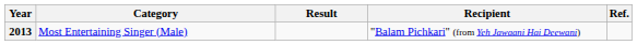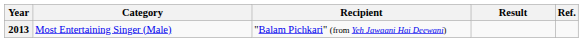 <table class="wikitable plainrowheaders" style="width:100%; textcolor:#000">
 <tr>
 <th scope="col" style="width:5%;"><strong>Year</strong></th>
 <th scope="col" style="width:39%;"><strong>Category</strong></th>
+<th scope="col" style="width:39%;"><strong>Recipient</strong></th>
 <th scope="col" style="width:15%;"><strong>Result</strong></th>
-<th scope="col" style="width:39%;"><strong>Recipient</strong></th>
 <th scope="col" style="width:2%;"><strong>Ref.</strong></th>
 </tr>
 <tr>
 <th scope="row">2013</th>
 <td><a href='#'>Most Entertaining Singer (Male)</a></td>
+<td>"<a href='#'>Balam Pichkari</a>" <small>(from <em><a href='#'>Yeh Jawaani Hai Deewani</a></em>)</small></td>
 <td></td>
-<td>"<a href='#'>Balam Pichkari</a>" <small>(from <em><a href='#'>Yeh Jawaani Hai Deewani</a></em>)</small></td>
 <td></td>
 </tr>
 </table>
